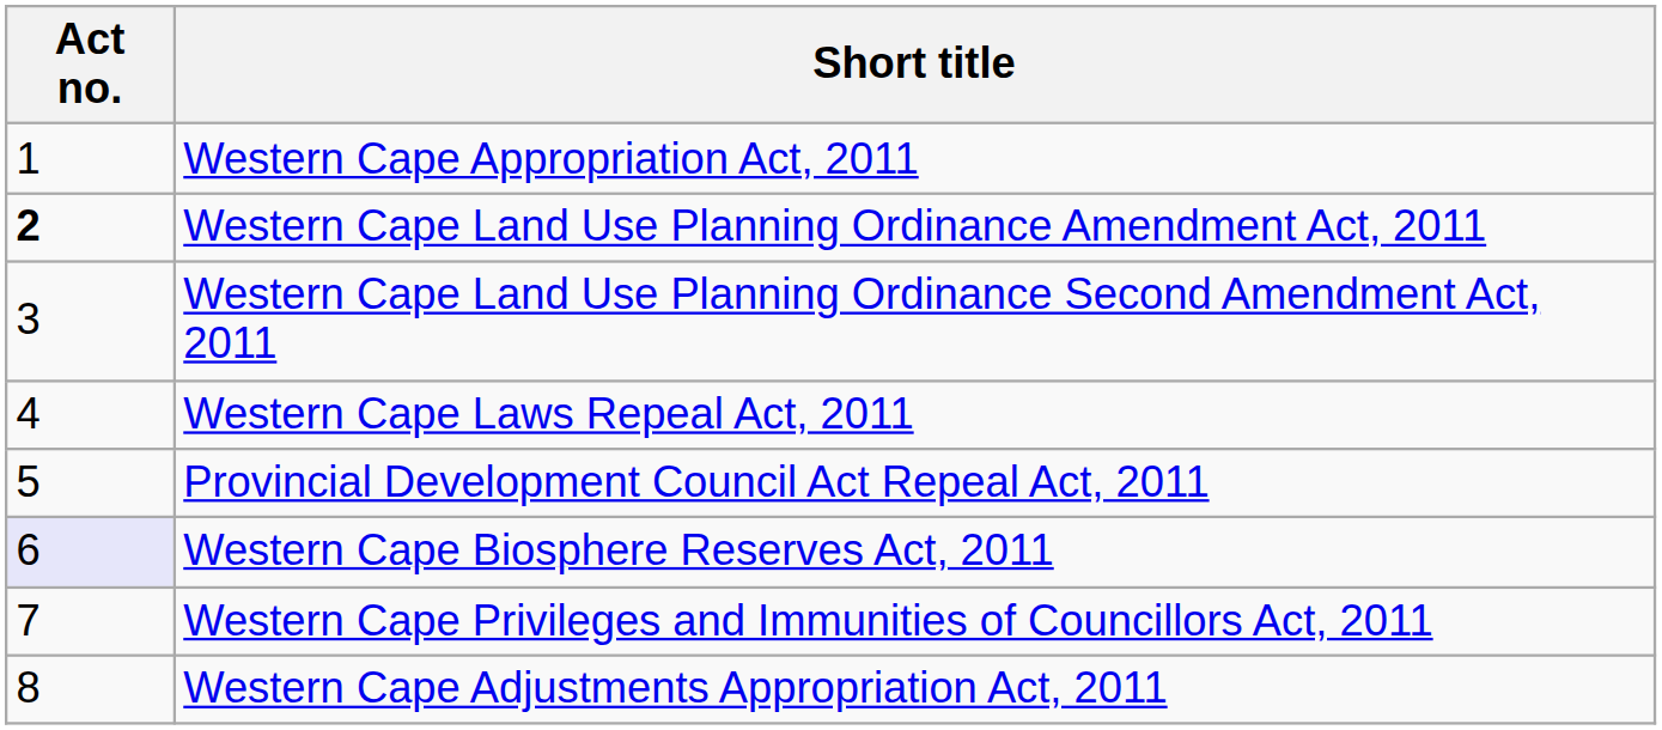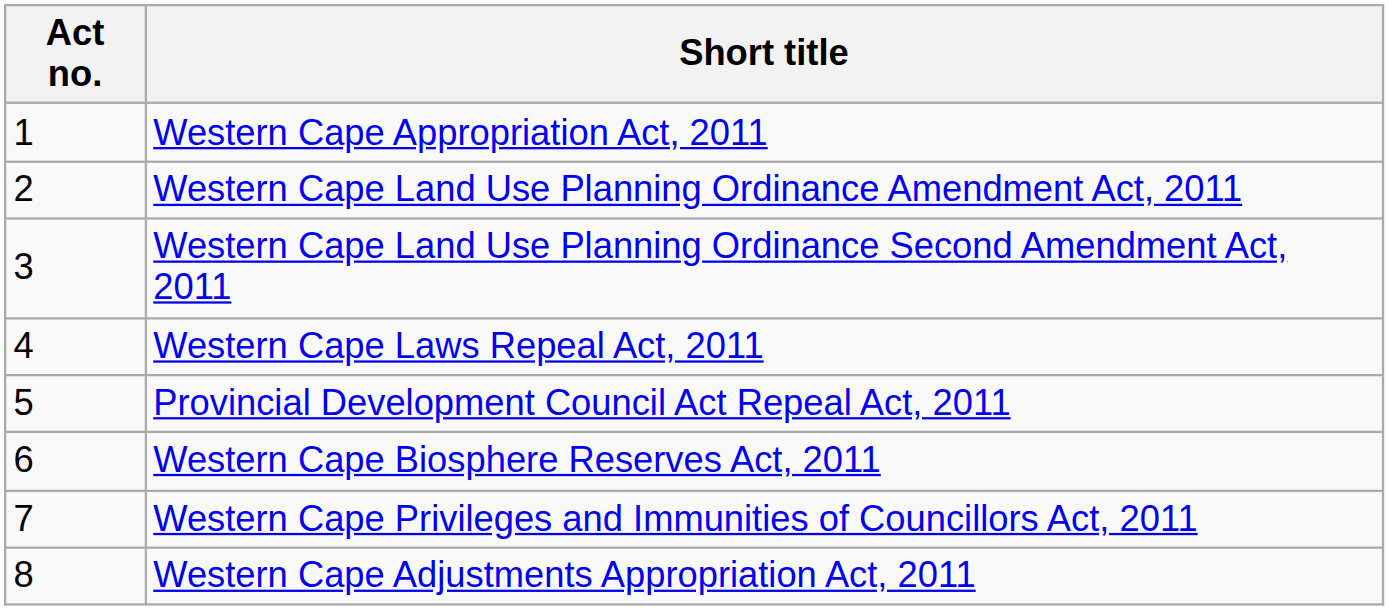 <table class=wikitable sortable>
 <tr>
 <th>Act no.</th>
 <th>Short title</th>
 </tr>
 <tr>
 <td>1</td>
 <td><a href='#'>Western Cape Appropriation Act, 2011</a></td>
 </tr>
 <tr>
-<td><strong>2</strong></td>
+<td>2</td>
 <td><a href='#'>Western Cape Land Use Planning Ordinance Amendment Act, 2011</a></td>
 </tr>
 <tr>
 <td>3</td>
 <td><a href='#'>Western Cape Land Use Planning Ordinance Second Amendment Act, 2011</a></td>
 </tr>
 <tr>
 <td>4</td>
 <td><a href='#'>Western Cape Laws Repeal Act, 2011</a></td>
 </tr>
 <tr>
 <td>5</td>
 <td><a href='#'>Provincial Development Council Act Repeal Act, 2011</a></td>
 </tr>
 <tr>
-<td style="background: lavender;">6</td>
+<td>6</td>
 <td><a href='#'>Western Cape Biosphere Reserves Act, 2011</a></td>
 </tr>
 <tr>
 <td>7</td>
 <td><a href='#'>Western Cape Privileges and Immunities of Councillors Act, 2011</a></td>
 </tr>
 <tr>
 <td>8</td>
 <td><a href='#'>Western Cape Adjustments Appropriation Act, 2011</a></td>
 </tr>
 </table>
